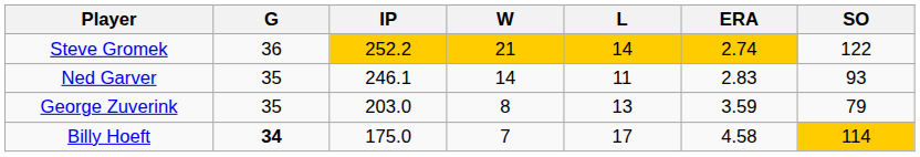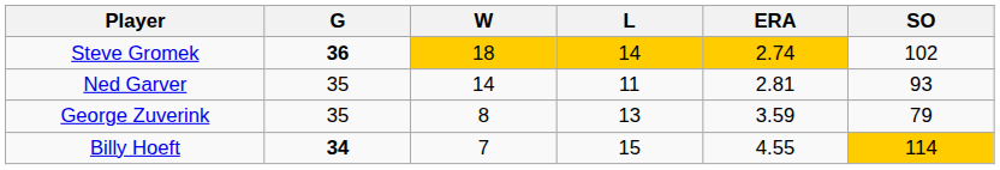 <table class="wikitable sortable">
 <tr>
 <th bgcolor="#DDDDFF" width="16%">Player</th>
 <th bgcolor="#DDDDFF" width="9%">G</th>
-<th bgcolor="#DDDDFF" width="9%">IP</th>
 <th bgcolor="#DDDDFF" width="9%">W</th>
 <th bgcolor="#DDDDFF" width="9%">L</th>
 <th bgcolor="#DDDDFF" width="9%">ERA</th>
 <th bgcolor="#DDDDFF" width="9%">SO</th>
 </tr>
 <tr align="center">
 <td><a href='#'>Steve Gromek</a></td>
-<td>36</td>
-<td style="background:#fc0;">252.2</td>
-<td style="background:#fc0;">21</td>
+<td><strong>36</strong></td>
+<td style="background:#fc0;">18</td>
 <td style="background:#fc0;">14</td>
 <td style="background:#fc0;">2.74</td>
-<td>122</td>
+<td>102</td>
 </tr>
 <tr align=center>
 <td><a href='#'>Ned Garver</a></td>
 <td>35</td>
-<td>246.1</td>
 <td>14</td>
 <td>11</td>
-<td>2.83</td>
+<td>2.81</td>
 <td>93</td>
 </tr>
 <tr align=center>
 <td><a href='#'>George Zuverink</a></td>
 <td>35</td>
-<td>203.0</td>
 <td>8</td>
 <td>13</td>
 <td>3.59</td>
 <td>79</td>
 </tr>
 <tr align=center>
 <td><a href='#'>Billy Hoeft</a></td>
 <td><strong>34</strong></td>
-<td>175.0</td>
 <td>7</td>
-<td>17</td>
-<td>4.58</td>
+<td>15</td>
+<td>4.55</td>
 <td style="background:#fc0;">114</td>
 </tr>
 </table>
